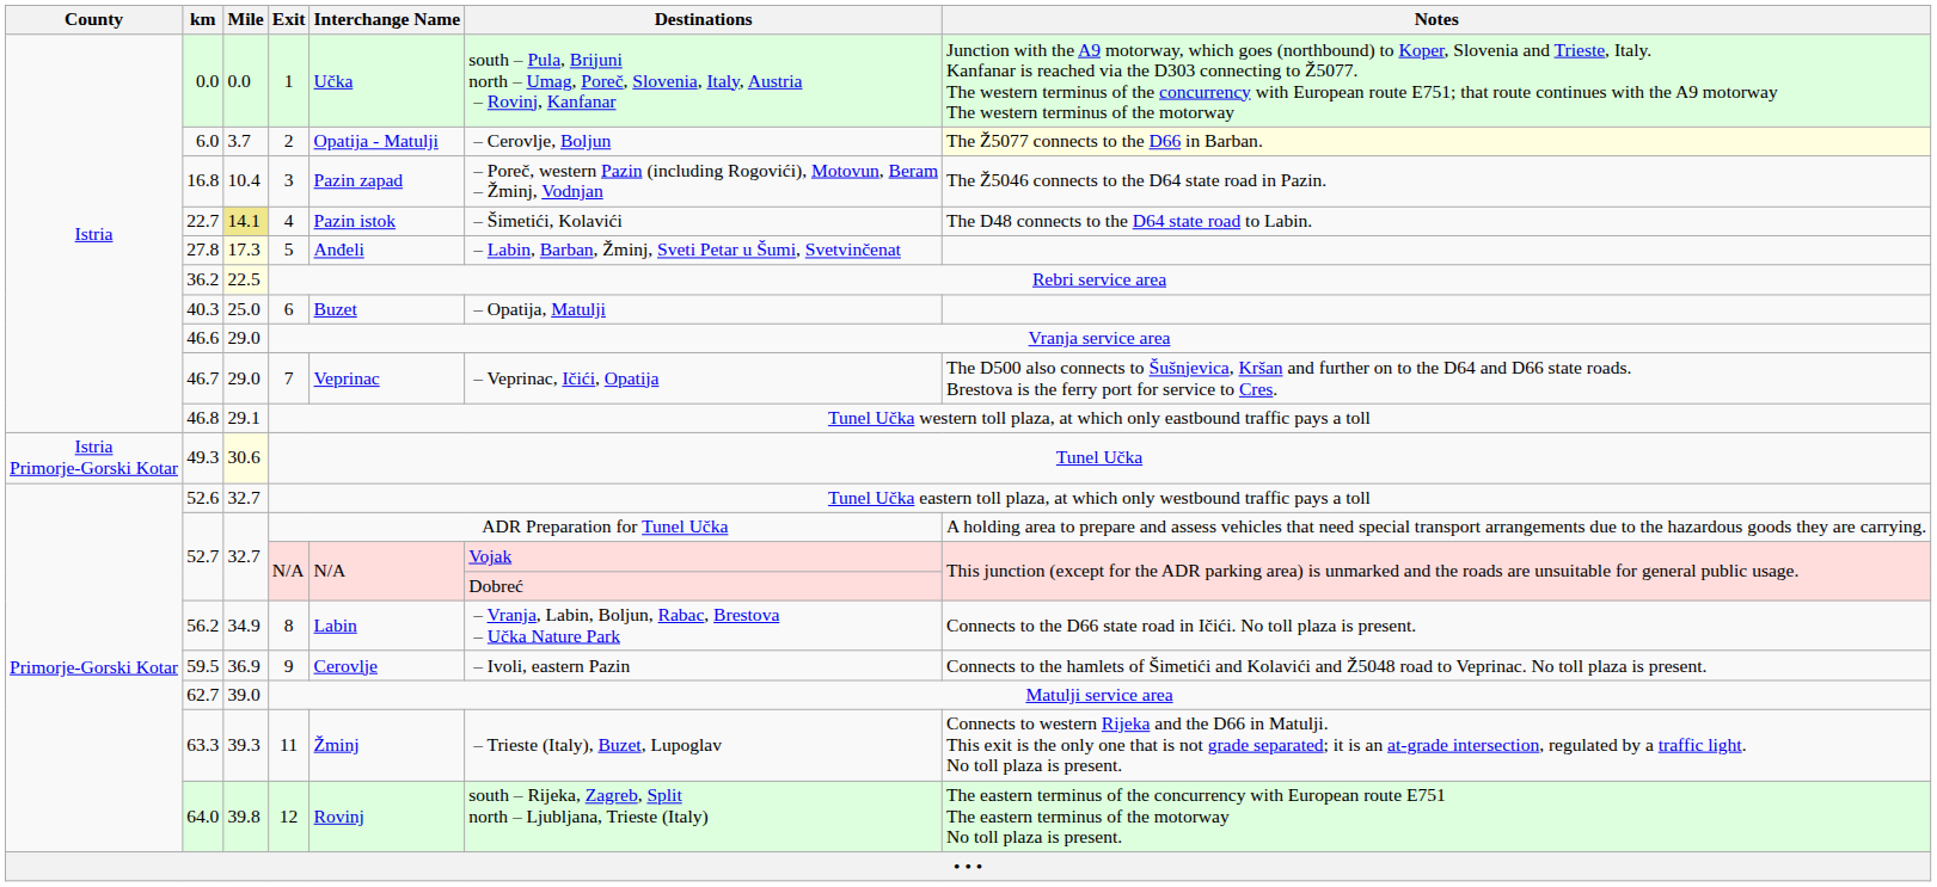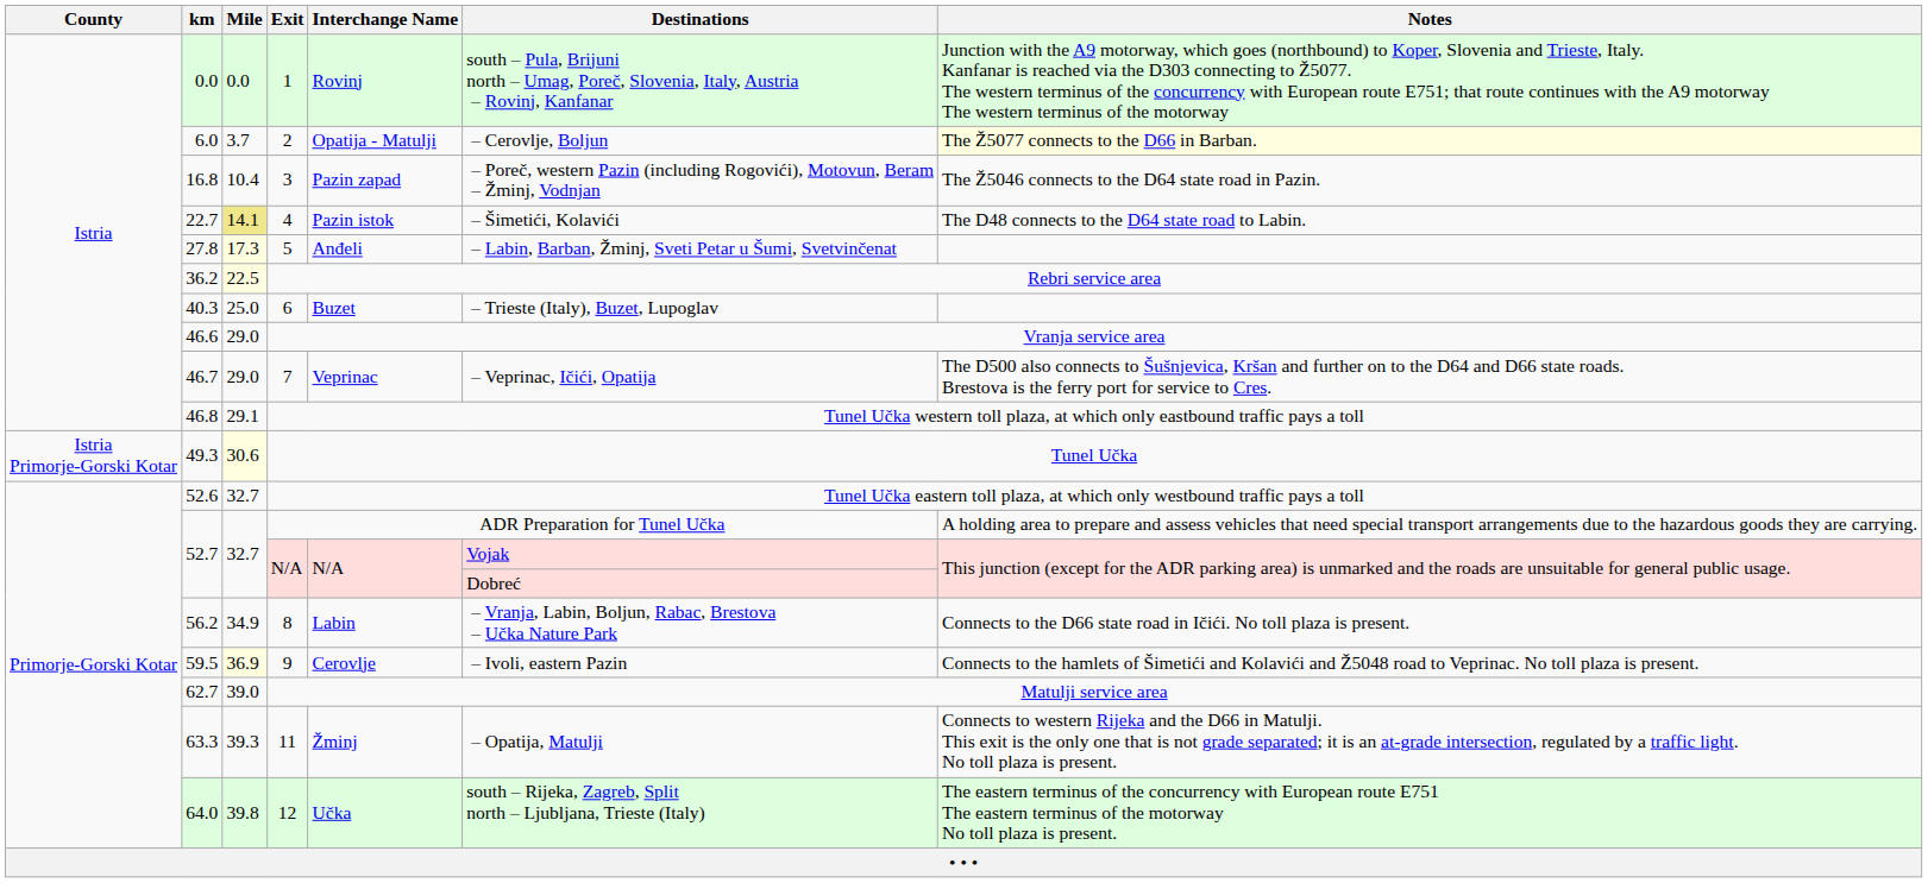 <table class="wikitable plainrowheaders">
 <tr>
 <th scope="col">County</th>
 <th scope="col">km</th>
 <th scope="col">Mile</th>
 <th scope="col">Exit</th>
 <th scope="col">Interchange Name</th>
 <th scope="col">Destinations</th>
 <th scope="col">Notes</th>
 </tr>
 <tr>
 <td rowspan="10" align="center"><a href='#'>Istria</a></td>
 <td bgcolor=#ddffdd !scope="row" style="text-align: right;">0.0</td>
 <td bgcolor=#ddffdd>0.0</td>
 <td bgcolor=#ddffdd align=center>1</td>
-<td bgcolor=#ddffdd><a href='#'>Učka</a></td>
+<td bgcolor=#ddffdd><a href='#'>Rovinj</a></td>
 <td bgcolor=#ddffdd> south – <a href='#'>Pula</a>, <a href='#'>Brijuni</a><br> north – <a href='#'>Umag</a>, <a href='#'>Poreč</a>, <a href='#'>Slovenia</a>, <a href='#'>Italy</a>, <a href='#'>Austria</a><br> – <a href='#'>Rovinj</a>, <a href='#'>Kanfanar</a><br></td>
 <td bgcolor=#ddffdd>Junction with the <a href='#'>A9</a> motorway, which goes (northbound) to <a href='#'>Koper</a>, Slovenia and <a href='#'>Trieste</a>, Italy.<br>Kanfanar is reached via the D303 connecting to Ž5077.<br>The western terminus of the <a href='#'>concurrency</a> with European route E751; that route continues with the A9 motorway<br>The western terminus of the motorway</td>
 </tr>
 <tr>
 <td !scope="row" style="text-align: right;">6.0</td>
 <td>3.7</td>
 <td align=center>2</td>
 <td><a href='#'>Opatija - Matulji</a></td>
 <td> – Cerovlje, <a href='#'>Boljun</a></td>
 <td style="background: lightyellow;">The Ž5077 connects to the <a href='#'>D66</a> in Barban.</td>
 </tr>
 <tr>
 <td !scope="row" style="text-align: right;">16.8</td>
 <td>10.4</td>
 <td align=center>3</td>
 <td><a href='#'>Pazin zapad</a></td>
 <td> – Poreč, western <a href='#'>Pazin</a> (including Rogovići), <a href='#'>Motovun</a>, <a href='#'>Beram</a><br> – Žminj, <a href='#'>Vodnjan</a></td>
 <td>The Ž5046 connects to the D64 state road in Pazin.</td>
 </tr>
 <tr>
 <td !scope="row" style="text-align: right;">22.7</td>
 <td style="background: khaki;">14.1</td>
 <td align=center>4</td>
 <td><a href='#'>Pazin istok</a></td>
 <td> – Šimetići, Kolavići</td>
 <td>The D48 connects to the <a href='#'>D64 state road</a> to Labin.</td>
 </tr>
 <tr>
 <td !scope="row" style="text-align: right;">27.8</td>
 <td style="background: lightyellow;">17.3</td>
 <td align=center>5</td>
 <td><a href='#'>Anđeli</a></td>
 <td> – <a href='#'>Labin</a>, <a href='#'>Barban</a>, Žminj, <a href='#'>Sveti Petar u Šumi</a>, <a href='#'>Svetvinčenat</a></td>
 <td></td>
 </tr>
 <tr>
 <td !scope="row" style="text-align: right;">36.2</td>
 <td style="background: lightyellow;">22.5</td>
 <td align=center colspan=4> <a href='#'>Rebri service area</a></td>
 </tr>
 <tr>
 <td !scope="row" style="text-align: right;">40.3</td>
 <td>25.0</td>
 <td align=center>6</td>
 <td><a href='#'>Buzet</a></td>
-<td> – Opatija, <a href='#'>Matulji</a></td>
+<td> – Trieste (Italy), <a href='#'>Buzet</a>, Lupoglav</td>
 <td></td>
 </tr>
 <tr>
 <td !scope="row" style="text-align: right;">46.6</td>
 <td>29.0</td>
 <td align=center colspan=4> <a href='#'>Vranja service area</a></td>
 </tr>
 <tr>
 <td !scope="row" style="text-align: right;">46.7</td>
 <td>29.0</td>
 <td align=center>7</td>
 <td><a href='#'>Veprinac</a></td>
 <td> – Veprinac, <a href='#'>Ičići</a>, <a href='#'>Opatija</a></td>
 <td>The D500 also connects to <a href='#'>Šušnjevica</a>, <a href='#'>Kršan</a> and further on to the D64 and D66 state roads.<br>Brestova is the ferry port for service to <a href='#'>Cres</a>.</td>
 </tr>
 <tr>
 <td !scope="row" style="text-align: right;">46.8</td>
 <td>29.1</td>
 <td align=center colspan=4> <a href='#'>Tunel Učka</a> western toll plaza, at which only eastbound traffic pays a toll</td>
 </tr>
 <tr>
 <td align=center><a href='#'>Istria</a><br><a href='#'>Primorje‑Gorski Kotar</a></td>
 <td !scope="row" style="text-align: right;">49.3</td>
 <td style="background: lightyellow;">30.6</td>
 <td align=center colspan=4><a href='#'>Tunel Učka</a></td>
 </tr>
 <tr>
 <td rowspan="9" align="center"><a href='#'>Primorje‑Gorski Kotar</a></td>
 <td style="text-align: right;" !scope="row">52.6</td>
 <td>32.7</td>
 <td align=center colspan=4> <a href='#'>Tunel Učka</a> eastern toll plaza, at which only westbound traffic pays a toll</td>
 </tr>
 <tr>
 <td rowspan="3">52.7</td>
 <td rowspan="3">32.7</td>
 <td colspan="3" align="center"> ADR Preparation for <a href='#'>Tunel Učka</a></td>
 <td>A holding area to prepare and assess vehicles that need special transport arrangements due to the hazardous goods they are carrying.</td>
 </tr>
 <tr>
 <td bgcolor=#ffdddd rowspan="2">N/A</td>
 <td bgcolor=#ffdddd rowspan="2">N/A</td>
 <td bgcolor=#ffdddd><a href='#'>Vojak</a></td>
 <td bgcolor=#ffdddd rowspan="2">This junction (except for the ADR parking area) is unmarked and the roads are unsuitable for general public usage.</td>
 </tr>
 <tr>
 <td bgcolor=#ffdddd>Dobreć</td>
 </tr>
 <tr>
 <td !scope="row" style="text-align: right;">56.2</td>
 <td>34.9</td>
 <td align=center>8</td>
 <td><a href='#'>Labin</a></td>
 <td> – <a href='#'>Vranja</a>, Labin, Boljun, <a href='#'>Rabac</a>, <a href='#'>Brestova</a><br> – <a href='#'>Učka Nature Park</a></td>
 <td>Connects to the D66 state road in Ičići. No toll plaza is present.</td>
 </tr>
 <tr>
 <td>59.5</td>
-<td>36.9</td>
+<td style="background: lightyellow;">36.9</td>
 <td align=center>9</td>
 <td><a href='#'>Cerovlje</a></td>
 <td> – Ivoli, eastern Pazin</td>
 <td>Connects to the hamlets of Šimetići and Kolavići and Ž5048 road to Veprinac. No toll plaza is present.</td>
 </tr>
 <tr>
 <td !scope="row" style="text-align: right;">62.7</td>
 <td>39.0</td>
 <td align=center colspan=4> <a href='#'>Matulji service area</a></td>
 </tr>
 <tr>
 <td !scope="row" style="text-align: right;">63.3</td>
 <td>39.3</td>
 <td align=center>11</td>
 <td><a href='#'>Žminj</a></td>
-<td> – Trieste (Italy), <a href='#'>Buzet</a>, Lupoglav</td>
+<td> – Opatija, <a href='#'>Matulji</a></td>
 <td>Connects to western <a href='#'>Rijeka</a> and the D66 in Matulji.<br>This exit is the only one that is not <a href='#'>grade separated</a>; it is an <a href='#'>at-grade intersection</a>, regulated by a <a href='#'>traffic light</a>.<br>No toll plaza is present.</td>
 </tr>
 <tr>
 <td bgcolor=#ddffdd !scope="row" style="text-align: right;">64.0</td>
 <td bgcolor=#ddffdd>39.8</td>
 <td bgcolor=#ddffdd align=center>12</td>
-<td bgcolor=#ddffdd><a href='#'>Rovinj</a></td>
+<td bgcolor=#ddffdd><a href='#'>Učka</a></td>
 <td bgcolor=#ddffdd> south – Rijeka, <a href='#'>Zagreb</a>, <a href='#'>Split</a><br> north – Ljubljana, Trieste (Italy)<br><br></td>
 <td bgcolor=#ddffdd>The eastern terminus of the concurrency with European route E751<br>The eastern terminus of the motorway<br>No toll plaza is present.</td>
 </tr>
 <tr>
 <td colspan=7 align=center bgcolor="#f2f2f2"> •  •  • </td>
 </tr>
 </table>
